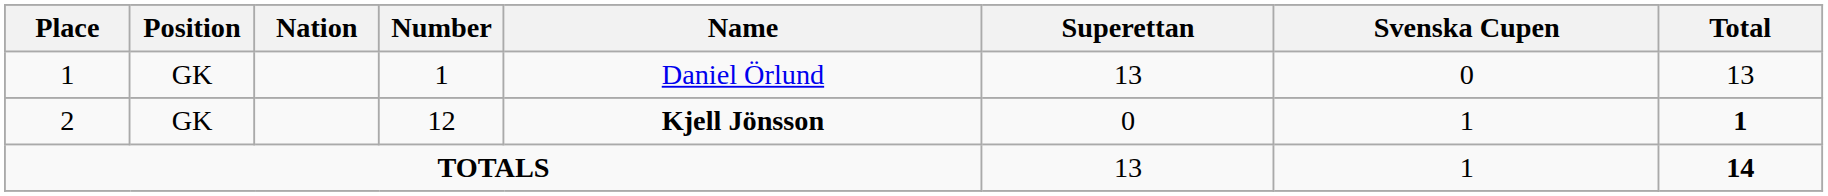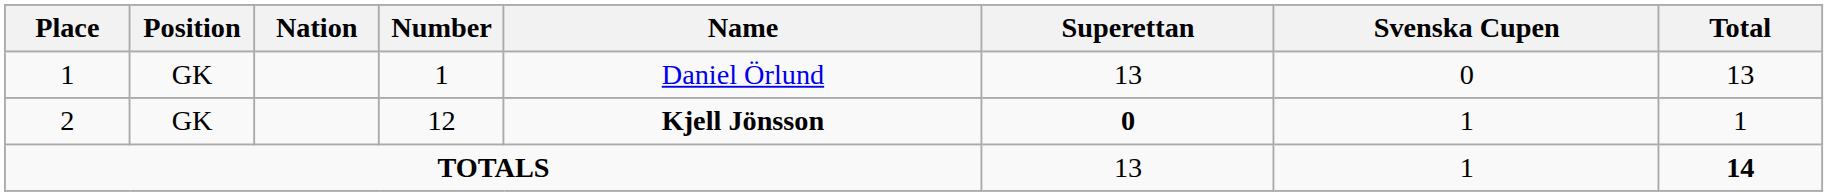 <table class="wikitable" style="font-size: 95%; text-align: center;">
 <tr>
 <th width=60>Place</th>
 <th width=60>Position</th>
 <th width=60>Nation</th>
 <th width=60>Number</th>
 <th width=250>Name</th>
 <th width=150>Superettan</th>
 <th width=200>Svenska Cupen</th>
 <th width=80><strong>Total</strong></th>
 </tr>
 <tr>
 <td>1</td>
 <td>GK</td>
 <td></td>
 <td>1</td>
 <td><a href='#'>Daniel Örlund</a></td>
 <td>13</td>
 <td>0</td>
 <td>13</td>
 </tr>
 <tr>
 <td>2</td>
 <td>GK</td>
 <td></td>
 <td>12</td>
 <td><strong>Kjell Jönsson</strong></td>
-<td>0</td>
+<td><strong>0</strong></td>
 <td>1</td>
-<td><strong>1</strong></td>
+<td>1</td>
 </tr>
 <tr>
 <td colspan="5"><strong>TOTALS</strong></td>
 <td>13</td>
 <td>1</td>
 <td><strong>14</strong></td>
 </tr>
 </table>
